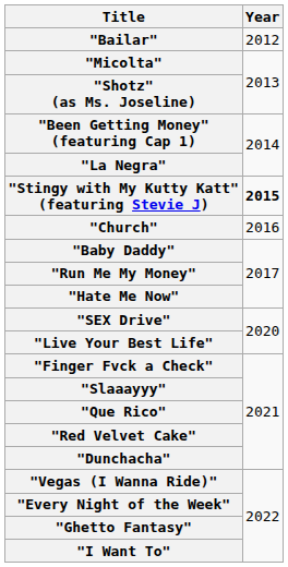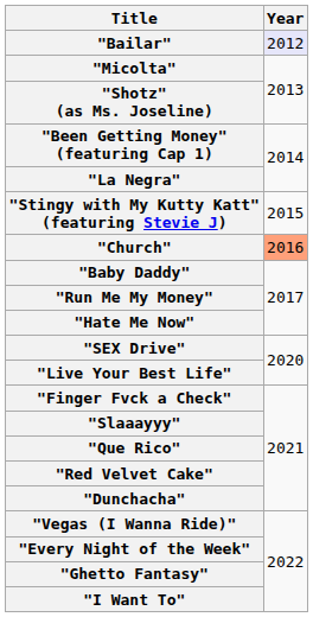 <table class="wikitable plainrowheaders" style="text-align:center;">
 <tr>
 <th>Title</th>
 <th>Year</th>
 </tr>
 <tr>
 <th scope="row">"Bailar"</th>
-<td>2012</td>
+<td style="background: lavender;">2012</td>
 </tr>
 <tr>
 <th scope="row">"Micolta"</th>
 <td rowspan="2">2013</td>
 </tr>
 <tr>
 <th scope="row">"Shotz"<br>(as Ms. Joseline)</th>
 </tr>
 <tr>
 <th scope="row">"Been Getting Money"<br>(featuring Cap 1)</th>
 <td rowspan="2">2014</td>
 </tr>
 <tr>
 <th scope="row">"La Negra"</th>
 </tr>
 <tr>
 <th scope="row">"Stingy with My Kutty Katt"<br>(featuring <a href='#'>Stevie J</a>)</th>
-<td><strong>2015</strong></td>
+<td>2015</td>
 </tr>
 <tr>
 <th scope="row">"Church"</th>
-<td>2016</td>
+<td style="background: lightsalmon;">2016</td>
 </tr>
 <tr>
 <th scope="row">"Baby Daddy"</th>
 <td rowspan="3">2017</td>
 </tr>
 <tr>
 <th scope="row">"Run Me My Money"</th>
 </tr>
 <tr>
 <th scope="row">"Hate Me Now"</th>
 </tr>
 <tr>
 <th scope="row">"SEX Drive"</th>
 <td rowspan="2">2020</td>
 </tr>
 <tr>
 <th scope="row">"Live Your Best Life"</th>
 </tr>
 <tr>
 <th scope="row">"Finger Fvck a Check"</th>
 <td rowspan="5">2021</td>
 </tr>
 <tr>
 <th scope="row">"Slaaayyy"</th>
 </tr>
 <tr>
 <th scope="row">"Que Rico"</th>
 </tr>
 <tr>
 <th scope="row">"Red Velvet Cake"</th>
 </tr>
 <tr>
 <th scope="row">"Dunchacha"</th>
 </tr>
 <tr>
 <th scope="row">"Vegas (I Wanna Ride)"</th>
 <td rowspan="4">2022</td>
 </tr>
 <tr>
 <th scope="row">"Every Night of the Week"</th>
 </tr>
 <tr>
 <th scope="row">"Ghetto Fantasy"</th>
 </tr>
 <tr>
 <th scope="row">"I Want To"</th>
 </tr>
 </table>
